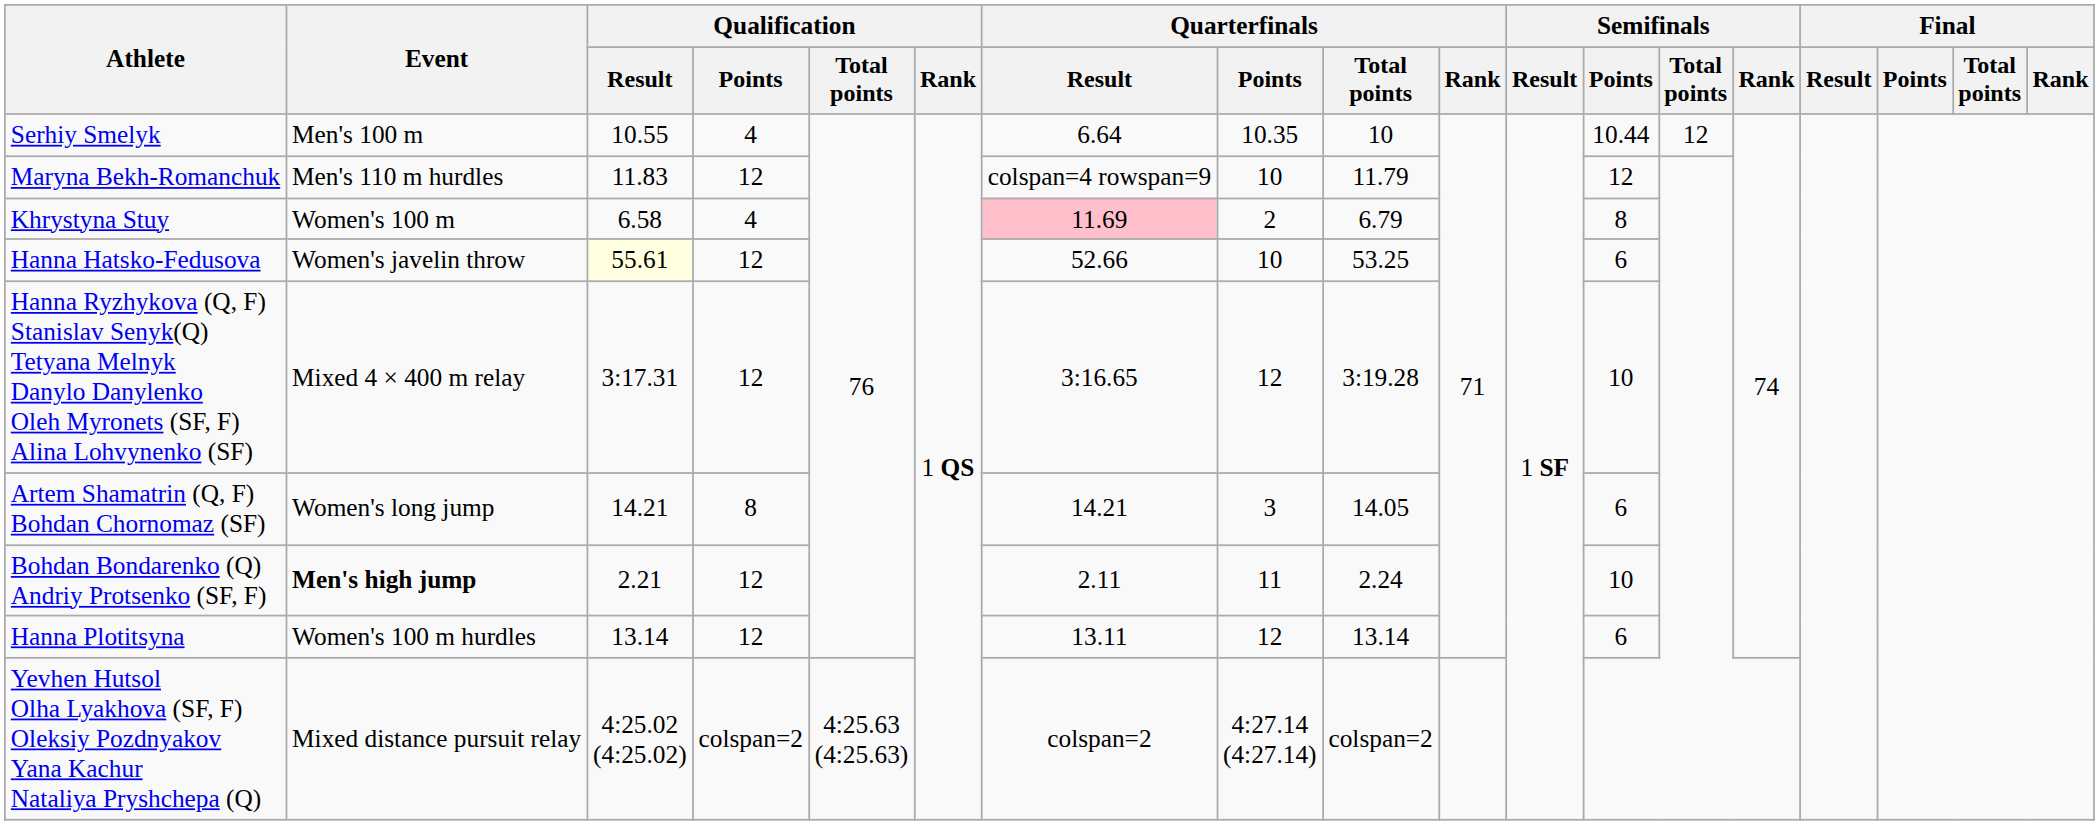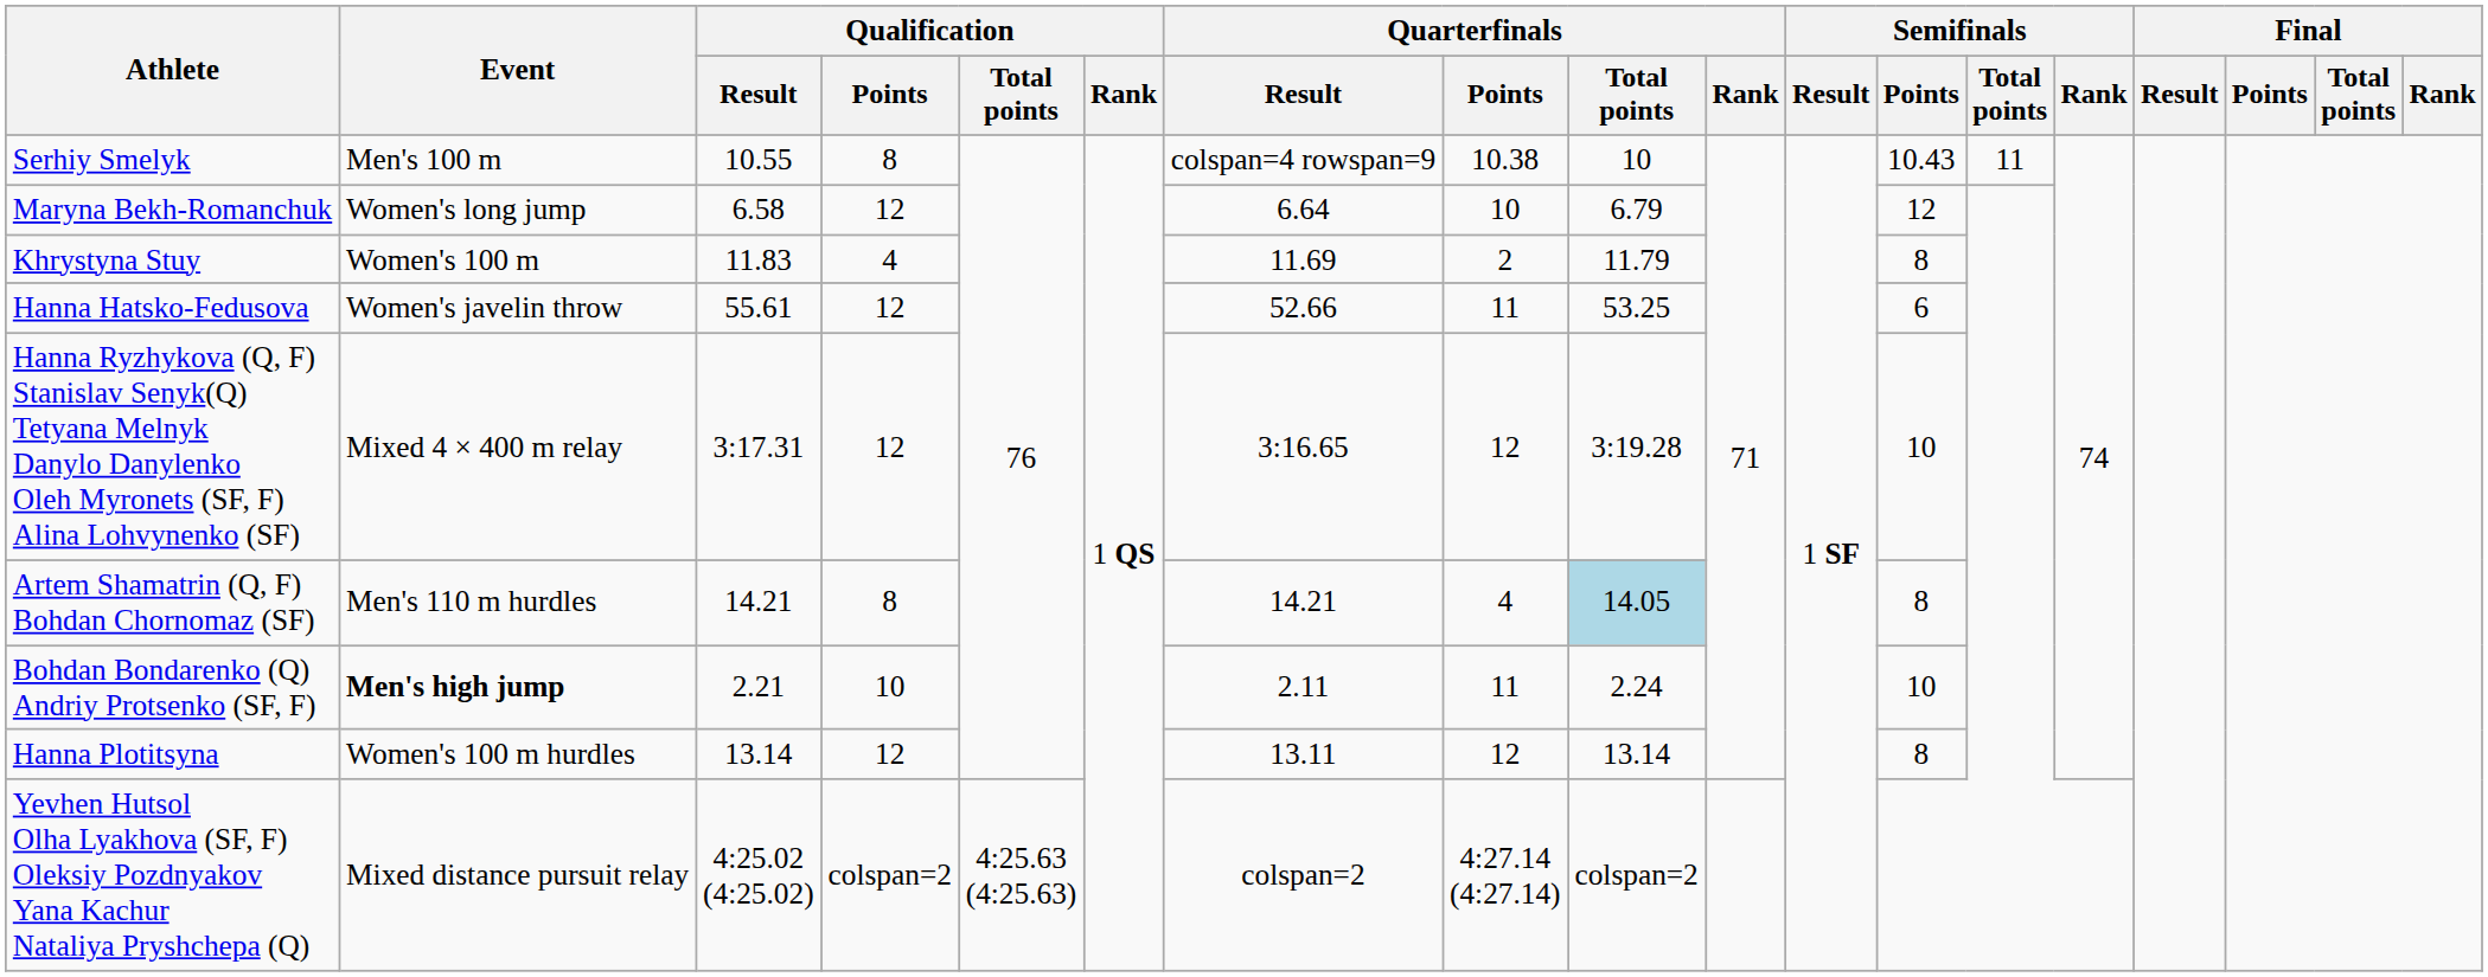 <table class="wikitable" style="text-align:center; font-size:90%">
 <tr>
 <th rowspan=2>Athlete</th>
 <th rowspan=2>Event</th>
 <th colspan=4>Qualification</th>
 <th colspan=4>Quarterfinals</th>
 <th colspan=4>Semifinals</th>
 <th colspan=4>Final</th>
 </tr>
 <tr style="font-size:95%">
 <th>Result</th>
 <th>Points</th>
 <th>Total<br>points</th>
 <th>Rank</th>
 <th>Result</th>
 <th>Points</th>
 <th>Total<br>points</th>
 <th>Rank</th>
 <th>Result</th>
 <th>Points</th>
 <th>Total<br>points</th>
 <th>Rank</th>
 <th>Result</th>
 <th>Points</th>
 <th>Total<br>points</th>
 <th>Rank</th>
 </tr>
 <tr>
 <td align=left><a href='#'>Serhiy Smelyk</a></td>
 <td align=left>Men's 100 m</td>
 <td>10.55</td>
-<td>4</td>
+<td>8</td>
 <td rowspan=8>76</td>
 <td rowspan=9>1 <strong>QS</strong></td>
-<td>6.64</td>
-<td>10.35</td>
+<td>colspan=4 rowspan=9 </td>
+<td>10.38</td>
 <td>10</td>
 <td rowspan=8>71</td>
 <td rowspan=9>1 <strong>SF</strong></td>
-<td>10.44</td>
-<td>12</td>
+<td>10.43</td>
+<td>11</td>
 <td rowspan=8>74</td>
 <td rowspan=9></td>
 </tr>
 <tr>
 <td align=left><a href='#'>Maryna Bekh-Romanchuk</a></td>
-<td align=left>Men's 110 m hurdles</td>
-<td>11.83</td>
+<td align=left>Women's long jump</td>
+<td>6.58</td>
 <td>12</td>
-<td>colspan=4 rowspan=9 </td>
+<td>6.64</td>
 <td>10</td>
-<td>11.79</td>
+<td>6.79</td>
 <td>12</td>
 </tr>
 <tr>
 <td align=left><a href='#'>Khrystyna Stuy</a></td>
 <td align=left>Women's 100 m</td>
-<td>6.58</td>
+<td>11.83</td>
 <td>4</td>
-<td style="background: pink;">11.69</td>
+<td>11.69</td>
 <td>2</td>
-<td>6.79</td>
+<td>11.79</td>
 <td>8</td>
 </tr>
 <tr>
 <td align=left><a href='#'>Hanna Hatsko-Fedusova</a></td>
 <td align=left>Women's javelin throw</td>
-<td style="background: lightyellow;">55.61</td>
+<td>55.61</td>
 <td>12</td>
 <td>52.66</td>
-<td>10</td>
+<td>11</td>
 <td>53.25</td>
 <td>6</td>
 </tr>
 <tr>
 <td align=left><a href='#'>Hanna Ryzhykova</a> (Q, F)<br><a href='#'>Stanislav Senyk</a>(Q)<br><a href='#'>Tetyana Melnyk</a><br><a href='#'>Danylo Danylenko</a><br><a href='#'>Oleh Myronets</a> (SF, F)<br><a href='#'>Alina Lohvynenko</a> (SF)</td>
 <td align=left>Mixed 4 × 400 m relay</td>
 <td>3:17.31</td>
 <td>12</td>
 <td>3:16.65</td>
 <td>12</td>
 <td>3:19.28</td>
 <td>10</td>
 </tr>
 <tr>
 <td align=left><a href='#'>Artem Shamatrin</a> (Q, F)<br><a href='#'>Bohdan Chornomaz</a> (SF)</td>
-<td align=left>Women's long jump</td>
+<td align=left>Men's 110 m hurdles</td>
 <td>14.21</td>
 <td>8</td>
 <td>14.21</td>
-<td>3</td>
-<td>14.05</td>
-<td>6</td>
+<td>4</td>
+<td style="background: lightblue;">14.05</td>
+<td>8</td>
 </tr>
 <tr>
 <td align=left><a href='#'>Bohdan Bondarenko</a> (Q)<br><a href='#'>Andriy Protsenko</a> (SF, F)</td>
 <td align=left><strong>Men's high jump</strong></td>
 <td>2.21</td>
-<td>12</td>
+<td>10</td>
 <td>2.11</td>
 <td>11</td>
 <td>2.24</td>
 <td>10</td>
 </tr>
 <tr>
 <td align=left><a href='#'>Hanna Plotitsyna</a></td>
 <td align=left>Women's 100 m hurdles</td>
 <td>13.14</td>
 <td>12</td>
 <td>13.11</td>
 <td>12</td>
 <td>13.14</td>
-<td>6</td>
+<td>8</td>
 </tr>
 <tr>
 <td align=left><a href='#'>Yevhen Hutsol</a><br><a href='#'>Olha Lyakhova</a> (SF, F)<br><a href='#'>Oleksiy Pozdnyakov</a><br><a href='#'>Yana Kachur</a><br><a href='#'>Nataliya Pryshchepa</a> (Q)</td>
 <td align=left>Mixed distance pursuit relay</td>
 <td>4:25.02<br>(4:25.02)</td>
 <td>colspan=2 </td>
 <td>4:25.63<br>(4:25.63)</td>
 <td>colspan=2 </td>
 <td>4:27.14<br>(4:27.14)</td>
 <td>colspan=2 </td>
 </tr>
 </table>
